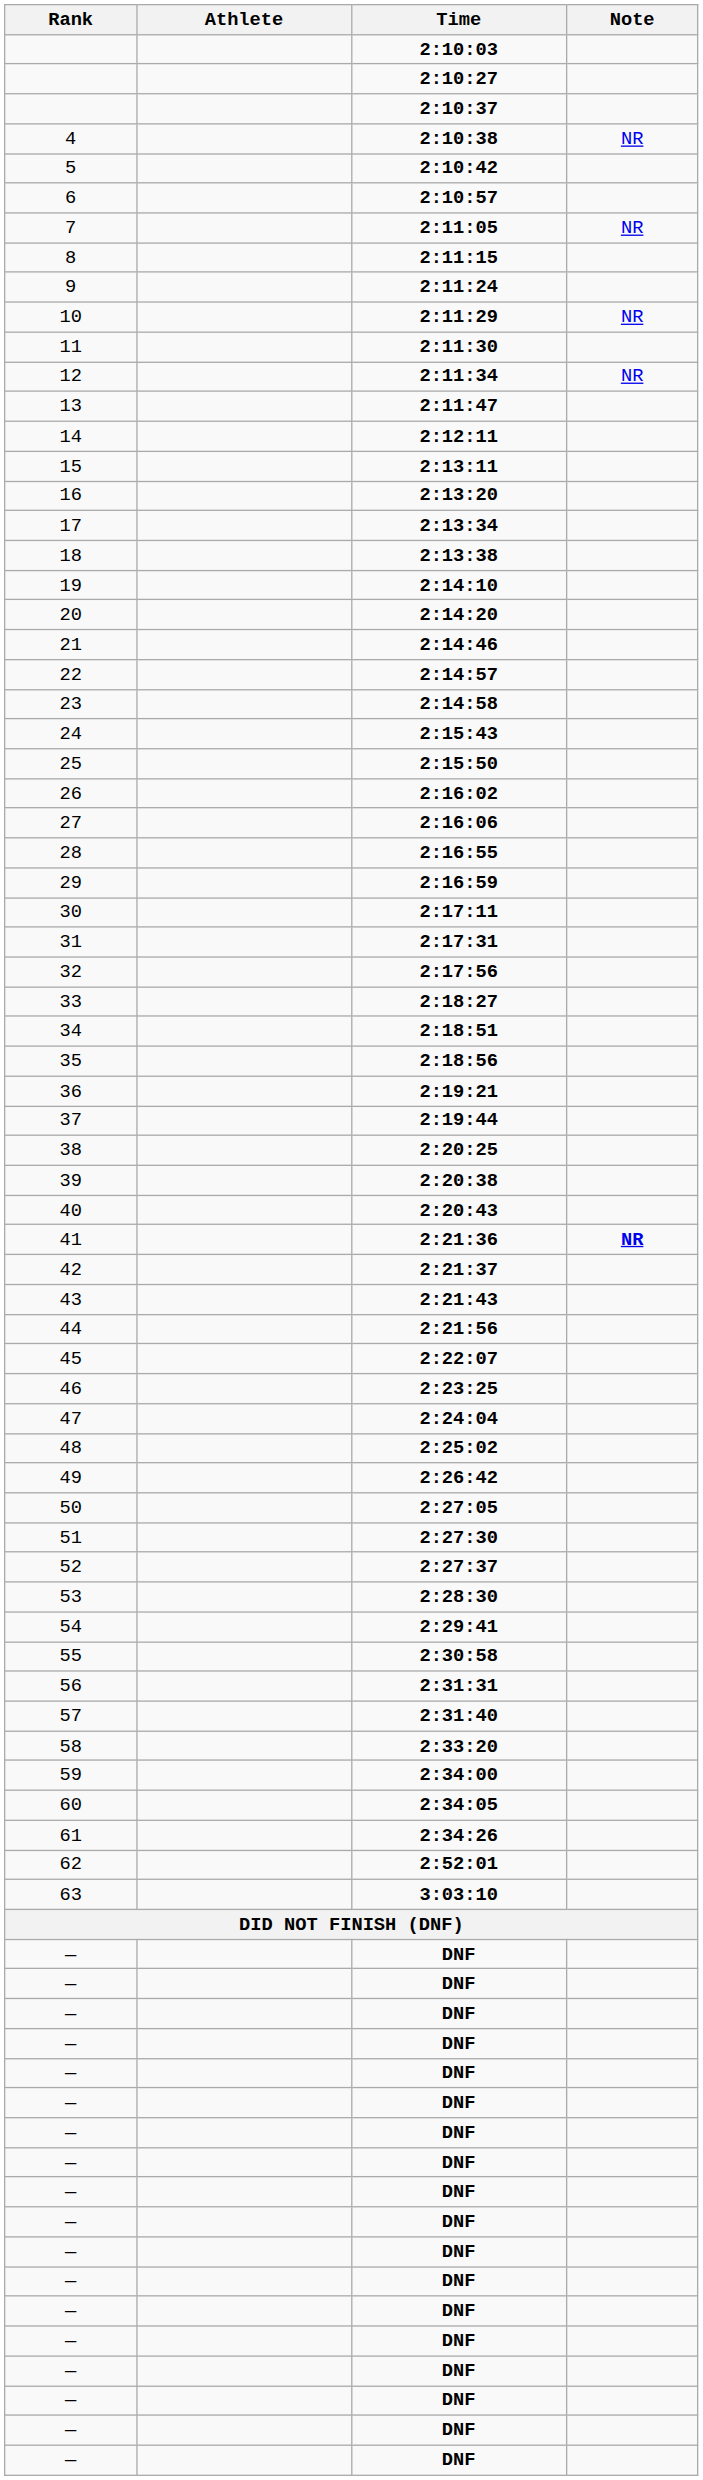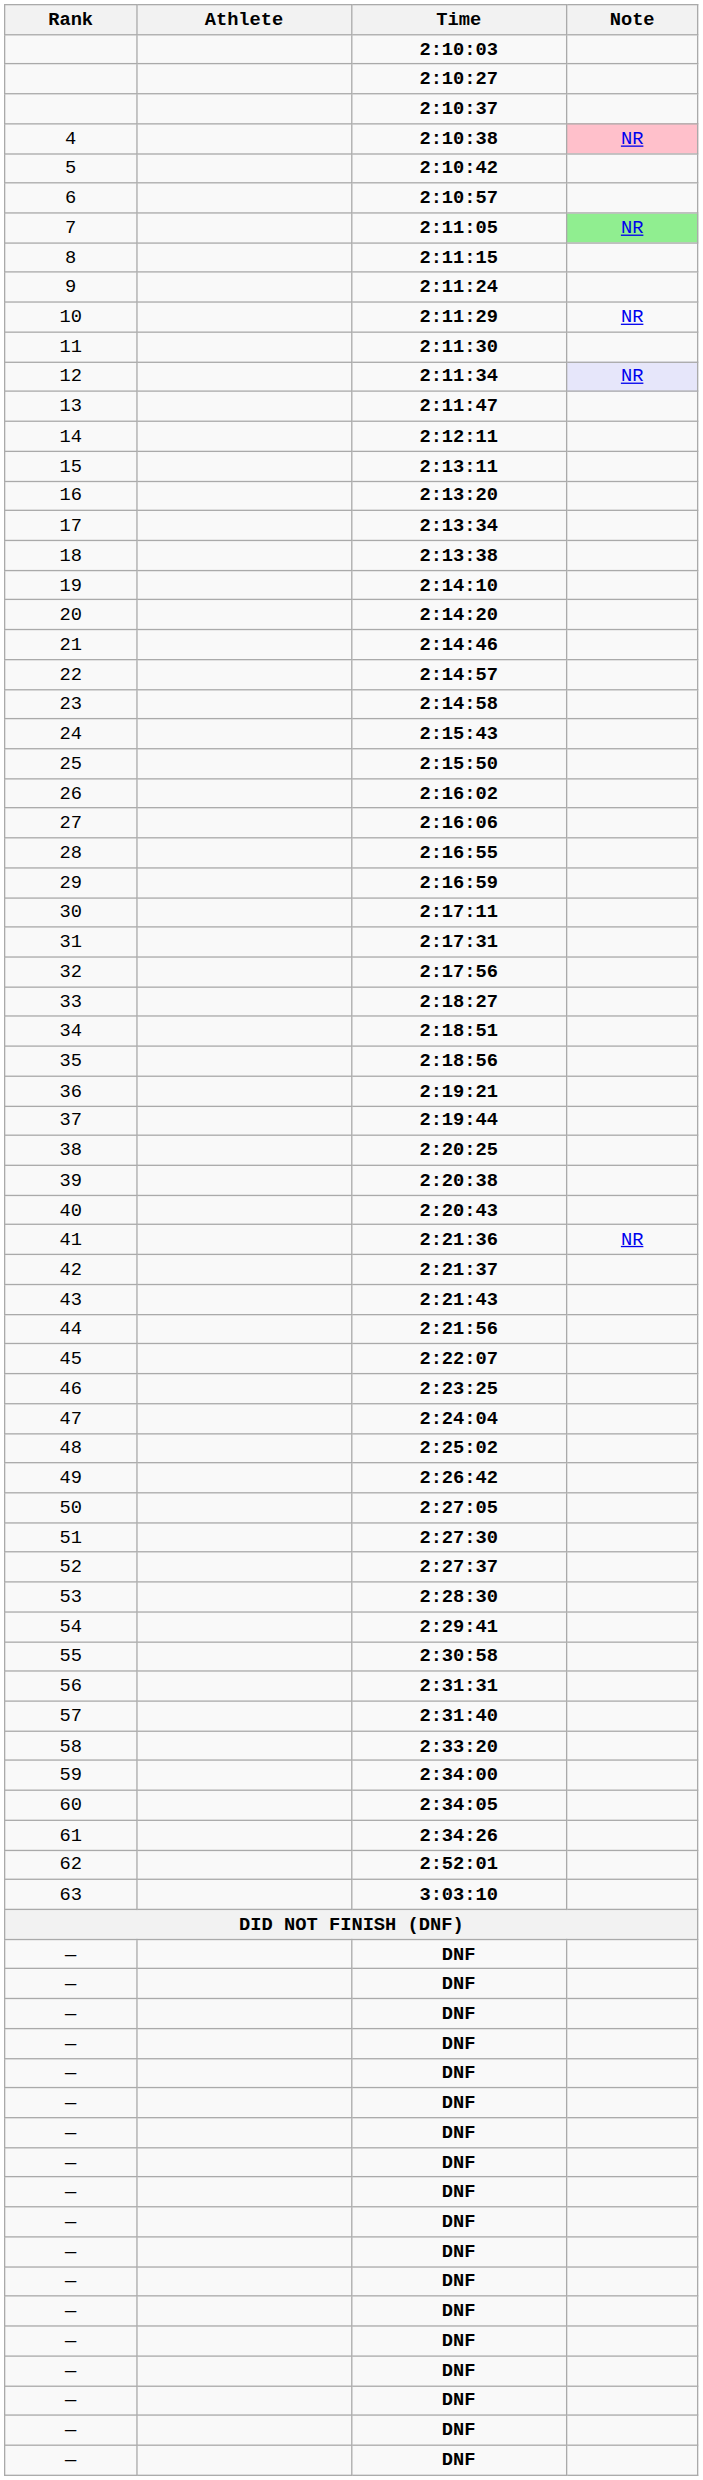 <table class="wikitable" style=" text-align:center; font-size:110%;" width="60%">
 <tr>
 <th>Rank</th>
 <th>Athlete</th>
 <th>Time</th>
 <th>Note</th>
 </tr>
 <tr>
 <td></td>
 <td align=left></td>
 <td><strong>2:10:03</strong></td>
 <td></td>
 </tr>
 <tr>
 <td></td>
 <td align=left></td>
 <td><strong>2:10:27</strong></td>
 <td></td>
 </tr>
 <tr>
 <td></td>
 <td align=left></td>
 <td><strong>2:10:37</strong></td>
 <td></td>
 </tr>
 <tr>
 <td>4</td>
 <td align=left></td>
 <td><strong>2:10:38</strong></td>
-<td><a href='#'>NR</a></td>
+<td style="background: pink;"><a href='#'>NR</a></td>
 </tr>
 <tr>
 <td>5</td>
 <td align=left></td>
 <td><strong>2:10:42</strong></td>
 <td></td>
 </tr>
 <tr>
 <td>6</td>
 <td align=left></td>
 <td><strong>2:10:57</strong></td>
 <td></td>
 </tr>
 <tr>
 <td>7</td>
 <td align=left></td>
 <td><strong>2:11:05</strong></td>
-<td><a href='#'>NR</a></td>
+<td style="background: lightgreen;"><a href='#'>NR</a></td>
 </tr>
 <tr>
 <td>8</td>
 <td align=left></td>
 <td><strong>2:11:15</strong></td>
 <td></td>
 </tr>
 <tr>
 <td>9</td>
 <td align=left></td>
 <td><strong>2:11:24</strong></td>
 <td></td>
 </tr>
 <tr>
 <td>10</td>
 <td align=left></td>
 <td><strong>2:11:29</strong></td>
 <td><a href='#'>NR</a></td>
 </tr>
 <tr>
 <td>11</td>
 <td align=left></td>
 <td><strong>2:11:30</strong></td>
 <td></td>
 </tr>
 <tr>
 <td>12</td>
 <td align=left></td>
 <td><strong>2:11:34</strong></td>
-<td><a href='#'>NR</a></td>
+<td style="background: lavender;"><a href='#'>NR</a></td>
 </tr>
 <tr>
 <td>13</td>
 <td align=left></td>
 <td><strong>2:11:47</strong></td>
 <td></td>
 </tr>
 <tr>
 <td>14</td>
 <td align=left></td>
 <td><strong>2:12:11</strong></td>
 <td></td>
 </tr>
 <tr>
 <td>15</td>
 <td align=left></td>
 <td><strong>2:13:11</strong></td>
 <td></td>
 </tr>
 <tr>
 <td>16</td>
 <td align=left></td>
 <td><strong>2:13:20</strong></td>
 <td></td>
 </tr>
 <tr>
 <td>17</td>
 <td align=left></td>
 <td><strong>2:13:34</strong></td>
 <td></td>
 </tr>
 <tr>
 <td>18</td>
 <td align=left></td>
 <td><strong>2:13:38</strong></td>
 <td></td>
 </tr>
 <tr>
 <td>19</td>
 <td align=left></td>
 <td><strong>2:14:10</strong></td>
 <td></td>
 </tr>
 <tr>
 <td>20</td>
 <td align=left></td>
 <td><strong>2:14:20</strong></td>
 <td></td>
 </tr>
 <tr>
 <td>21</td>
 <td align=left></td>
 <td><strong>2:14:46</strong></td>
 <td></td>
 </tr>
 <tr>
 <td>22</td>
 <td align=left></td>
 <td><strong>2:14:57</strong></td>
 <td></td>
 </tr>
 <tr>
 <td>23</td>
 <td align=left></td>
 <td><strong>2:14:58</strong></td>
 <td></td>
 </tr>
 <tr>
 <td>24</td>
 <td align=left></td>
 <td><strong>2:15:43</strong></td>
 <td></td>
 </tr>
 <tr>
 <td>25</td>
 <td align=left></td>
 <td><strong>2:15:50</strong></td>
 <td></td>
 </tr>
 <tr>
 <td>26</td>
 <td align=left></td>
 <td><strong>2:16:02</strong></td>
 <td></td>
 </tr>
 <tr>
 <td>27</td>
 <td align=left></td>
 <td><strong>2:16:06</strong></td>
 <td></td>
 </tr>
 <tr>
 <td>28</td>
 <td align=left></td>
 <td><strong>2:16:55</strong></td>
 <td></td>
 </tr>
 <tr>
 <td>29</td>
 <td align=left></td>
 <td><strong>2:16:59</strong></td>
 <td></td>
 </tr>
 <tr>
 <td>30</td>
 <td align=left></td>
 <td><strong>2:17:11</strong></td>
 <td></td>
 </tr>
 <tr>
 <td>31</td>
 <td align=left></td>
 <td><strong>2:17:31</strong></td>
 <td></td>
 </tr>
 <tr>
 <td>32</td>
 <td align=left></td>
 <td><strong>2:17:56</strong></td>
 <td></td>
 </tr>
 <tr>
 <td>33</td>
 <td align=left></td>
 <td><strong>2:18:27</strong></td>
 <td></td>
 </tr>
 <tr>
 <td>34</td>
 <td align=left></td>
 <td><strong>2:18:51</strong></td>
 <td></td>
 </tr>
 <tr>
 <td>35</td>
 <td align=left></td>
 <td><strong>2:18:56</strong></td>
 <td></td>
 </tr>
 <tr>
 <td>36</td>
 <td align=left></td>
 <td><strong>2:19:21</strong></td>
 <td></td>
 </tr>
 <tr>
 <td>37</td>
 <td align=left></td>
 <td><strong>2:19:44</strong></td>
 <td></td>
 </tr>
 <tr>
 <td>38</td>
 <td align=left></td>
 <td><strong>2:20:25</strong></td>
 <td></td>
 </tr>
 <tr>
 <td>39</td>
 <td align=left></td>
 <td><strong>2:20:38</strong></td>
 <td></td>
 </tr>
 <tr>
 <td>40</td>
 <td align=left></td>
 <td><strong>2:20:43</strong></td>
 <td></td>
 </tr>
 <tr>
 <td>41</td>
 <td align=left></td>
 <td><strong>2:21:36</strong></td>
-<td><strong><a href='#'>NR</a></strong></td>
+<td><a href='#'>NR</a></td>
 </tr>
 <tr>
 <td>42</td>
 <td align=left></td>
 <td><strong>2:21:37</strong></td>
 <td></td>
 </tr>
 <tr>
 <td>43</td>
 <td align=left></td>
 <td><strong>2:21:43</strong></td>
 <td></td>
 </tr>
 <tr>
 <td>44</td>
 <td align=left></td>
 <td><strong>2:21:56</strong></td>
 <td></td>
 </tr>
 <tr>
 <td>45</td>
 <td align=left></td>
 <td><strong>2:22:07</strong></td>
 <td></td>
 </tr>
 <tr>
 <td>46</td>
 <td align=left></td>
 <td><strong>2:23:25</strong></td>
 <td></td>
 </tr>
 <tr>
 <td>47</td>
 <td align=left></td>
 <td><strong>2:24:04</strong></td>
 <td></td>
 </tr>
 <tr>
 <td>48</td>
 <td align=left></td>
 <td><strong>2:25:02</strong></td>
 <td></td>
 </tr>
 <tr>
 <td>49</td>
 <td align=left></td>
 <td><strong>2:26:42</strong></td>
 <td></td>
 </tr>
 <tr>
 <td>50</td>
 <td align=left></td>
 <td><strong>2:27:05</strong></td>
 <td></td>
 </tr>
 <tr>
 <td>51</td>
 <td align=left></td>
 <td><strong>2:27:30</strong></td>
 <td></td>
 </tr>
 <tr>
 <td>52</td>
 <td align=left></td>
 <td><strong>2:27:37</strong></td>
 <td></td>
 </tr>
 <tr>
 <td>53</td>
 <td align=left></td>
 <td><strong>2:28:30</strong></td>
 <td></td>
 </tr>
 <tr>
 <td>54</td>
 <td align=left></td>
 <td><strong>2:29:41</strong></td>
 <td></td>
 </tr>
 <tr>
 <td>55</td>
 <td align=left></td>
 <td><strong>2:30:58</strong></td>
 <td></td>
 </tr>
 <tr>
 <td>56</td>
 <td align=left></td>
 <td><strong>2:31:31</strong></td>
 <td></td>
 </tr>
 <tr>
 <td>57</td>
 <td align=left></td>
 <td><strong>2:31:40</strong></td>
 <td></td>
 </tr>
 <tr>
 <td>58</td>
 <td align=left></td>
 <td><strong>2:33:20</strong></td>
 <td></td>
 </tr>
 <tr>
 <td>59</td>
 <td align=left></td>
 <td><strong>2:34:00</strong></td>
 <td></td>
 </tr>
 <tr>
 <td>60</td>
 <td align=left></td>
 <td><strong>2:34:05</strong></td>
 <td></td>
 </tr>
 <tr>
 <td>61</td>
 <td align=left></td>
 <td><strong>2:34:26</strong></td>
 <td></td>
 </tr>
 <tr>
 <td>62</td>
 <td align=left></td>
 <td><strong>2:52:01</strong></td>
 <td></td>
 </tr>
 <tr>
 <td>63</td>
 <td align=left></td>
 <td><strong>3:03:10</strong></td>
 <td></td>
 </tr>
 <tr>
 <th colspan="4">DID NOT FINISH (DNF)</th>
 </tr>
 <tr>
 <td>—</td>
 <td align=left></td>
 <td><strong>DNF </strong></td>
 <td></td>
 </tr>
 <tr>
 <td>—</td>
 <td align=left></td>
 <td><strong>DNF </strong></td>
 <td></td>
 </tr>
 <tr>
 <td>—</td>
 <td align=left></td>
 <td><strong>DNF </strong></td>
 <td></td>
 </tr>
 <tr>
 <td>—</td>
 <td align=left></td>
 <td><strong>DNF </strong></td>
 <td></td>
 </tr>
 <tr>
 <td>—</td>
 <td align=left></td>
 <td><strong>DNF </strong></td>
 <td></td>
 </tr>
 <tr>
 <td>—</td>
 <td align=left></td>
 <td><strong>DNF </strong></td>
 <td></td>
 </tr>
 <tr>
 <td>—</td>
 <td align=left></td>
 <td><strong>DNF </strong></td>
 <td></td>
 </tr>
 <tr>
 <td>—</td>
 <td align=left></td>
 <td><strong>DNF </strong></td>
 <td></td>
 </tr>
 <tr>
 <td>—</td>
 <td align=left></td>
 <td><strong>DNF </strong></td>
 <td></td>
 </tr>
 <tr>
 <td>—</td>
 <td align=left></td>
 <td><strong>DNF </strong></td>
 <td></td>
 </tr>
 <tr>
 <td>—</td>
 <td align=left></td>
 <td><strong>DNF </strong></td>
 <td></td>
 </tr>
 <tr>
 <td>—</td>
 <td align=left></td>
 <td><strong>DNF </strong></td>
 <td></td>
 </tr>
 <tr>
 <td>—</td>
 <td align=left></td>
 <td><strong>DNF </strong></td>
 <td></td>
 </tr>
 <tr>
 <td>—</td>
 <td align=left></td>
 <td><strong>DNF </strong></td>
 <td></td>
 </tr>
 <tr>
 <td>—</td>
 <td align=left></td>
 <td><strong>DNF </strong></td>
 <td></td>
 </tr>
 <tr>
 <td>—</td>
 <td align=left></td>
 <td><strong>DNF </strong></td>
 <td></td>
 </tr>
 <tr>
 <td>—</td>
 <td align=left></td>
 <td><strong>DNF </strong></td>
 <td></td>
 </tr>
 <tr>
 <td>—</td>
 <td align=left></td>
 <td><strong>DNF </strong></td>
 <td></td>
 </tr>
 </table>
